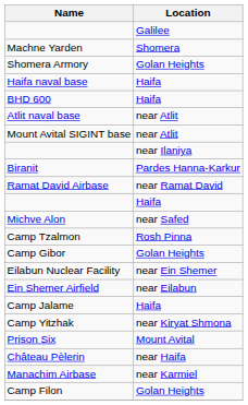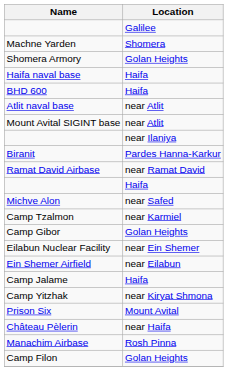 <table class="wikitable sortable">
 <tr>
 <th>Name</th>
 <th>Location</th>
 </tr>
 <tr>
 <td></td>
 <td><a href='#'>Galilee</a></td>
 </tr>
 <tr>
 <td>Machne Yarden</td>
 <td><a href='#'>Shomera</a></td>
 </tr>
 <tr>
 <td>Shomera Armory</td>
 <td><a href='#'>Golan Heights</a></td>
 </tr>
 <tr>
 <td><a href='#'>Haifa naval base</a></td>
 <td><a href='#'>Haifa</a></td>
 </tr>
 <tr>
 <td><a href='#'>BHD 600</a></td>
 <td><a href='#'>Haifa</a></td>
 </tr>
 <tr>
 <td><a href='#'>Atlit naval base</a></td>
 <td>near <a href='#'>Atlit</a></td>
 </tr>
 <tr>
 <td>Mount Avital SIGINT base</td>
 <td>near <a href='#'>Atlit</a></td>
 </tr>
 <tr>
 <td></td>
 <td>near <a href='#'>Ilaniya</a></td>
 </tr>
 <tr>
 <td><a href='#'>Biranit</a></td>
 <td><a href='#'>Pardes Hanna-Karkur</a></td>
 </tr>
 <tr>
 <td><a href='#'>Ramat David Airbase</a></td>
 <td>near <a href='#'>Ramat David</a></td>
 </tr>
 <tr>
 <td></td>
 <td><a href='#'>Haifa</a></td>
 </tr>
 <tr>
 <td><a href='#'>Michve Alon</a></td>
 <td>near <a href='#'>Safed</a></td>
 </tr>
 <tr>
 <td>Camp Tzalmon</td>
-<td><a href='#'>Rosh Pinna</a></td>
+<td>near <a href='#'>Karmiel</a></td>
 </tr>
 <tr>
 <td>Camp Gibor</td>
 <td><a href='#'>Golan Heights</a></td>
 </tr>
 <tr>
 <td>Eilabun Nuclear Facility</td>
 <td>near <a href='#'>Ein Shemer</a></td>
 </tr>
 <tr>
 <td><a href='#'>Ein Shemer Airfield</a></td>
 <td>near <a href='#'>Eilabun</a></td>
 </tr>
 <tr>
 <td>Camp Jalame</td>
 <td><a href='#'>Haifa</a></td>
 </tr>
 <tr>
 <td>Camp Yitzhak</td>
 <td>near <a href='#'>Kiryat Shmona</a></td>
 </tr>
 <tr>
 <td><a href='#'>Prison Six</a></td>
 <td><a href='#'>Mount Avital</a></td>
 </tr>
 <tr>
 <td><a href='#'>Château Pèlerin</a></td>
 <td>near <a href='#'>Haifa</a></td>
 </tr>
 <tr>
 <td><a href='#'>Manachim Airbase</a></td>
-<td>near <a href='#'>Karmiel</a></td>
+<td><a href='#'>Rosh Pinna</a></td>
 </tr>
 <tr>
 <td>Camp Filon</td>
 <td><a href='#'>Golan Heights</a></td>
 </tr>
 <tr>
 </tr>
 </table>
